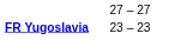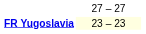 <table style="text-align:center">
 <tr>
 <th width=200></th>
 <th width=100></th>
 <th width=200></th>
 </tr>
 <tr>
 <td align=right><strong></strong></td>
 <td>27 – 27</td>
 <td align=left><strong></strong></td>
 </tr>
 <tr>
 <td align=right><strong><a href='#'>FR Yugoslavia</a> </strong></td>
-<td>23 – 23</td>
+<td style="background: lightyellow;">23 – 23</td>
 <td align=left><strong></strong></td>
 </tr>
 </table>
